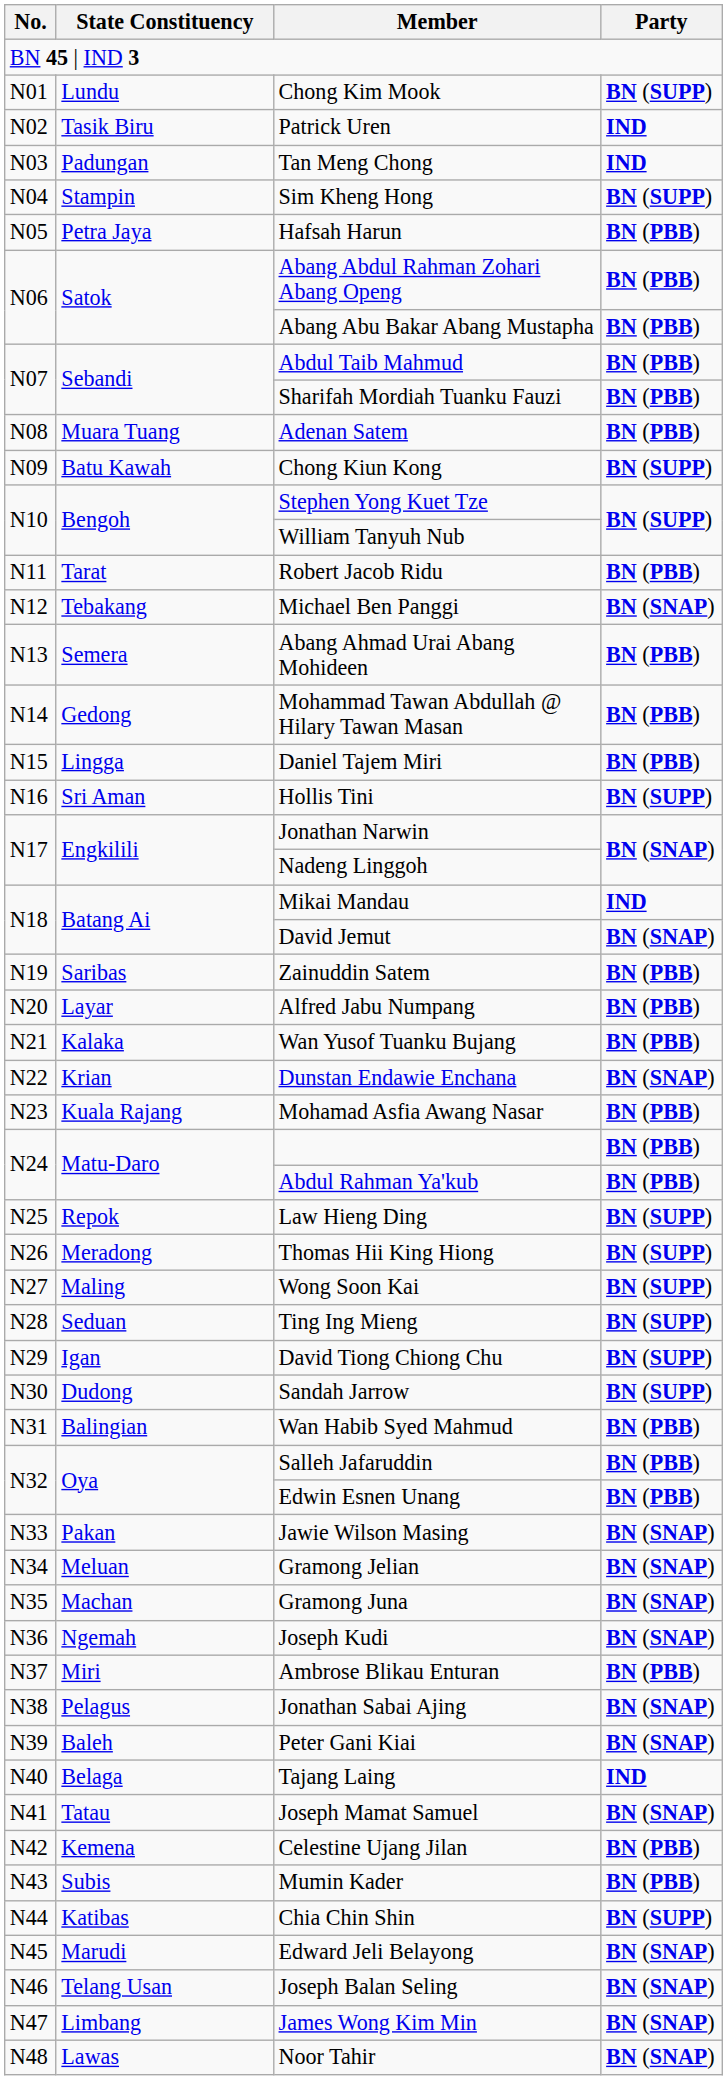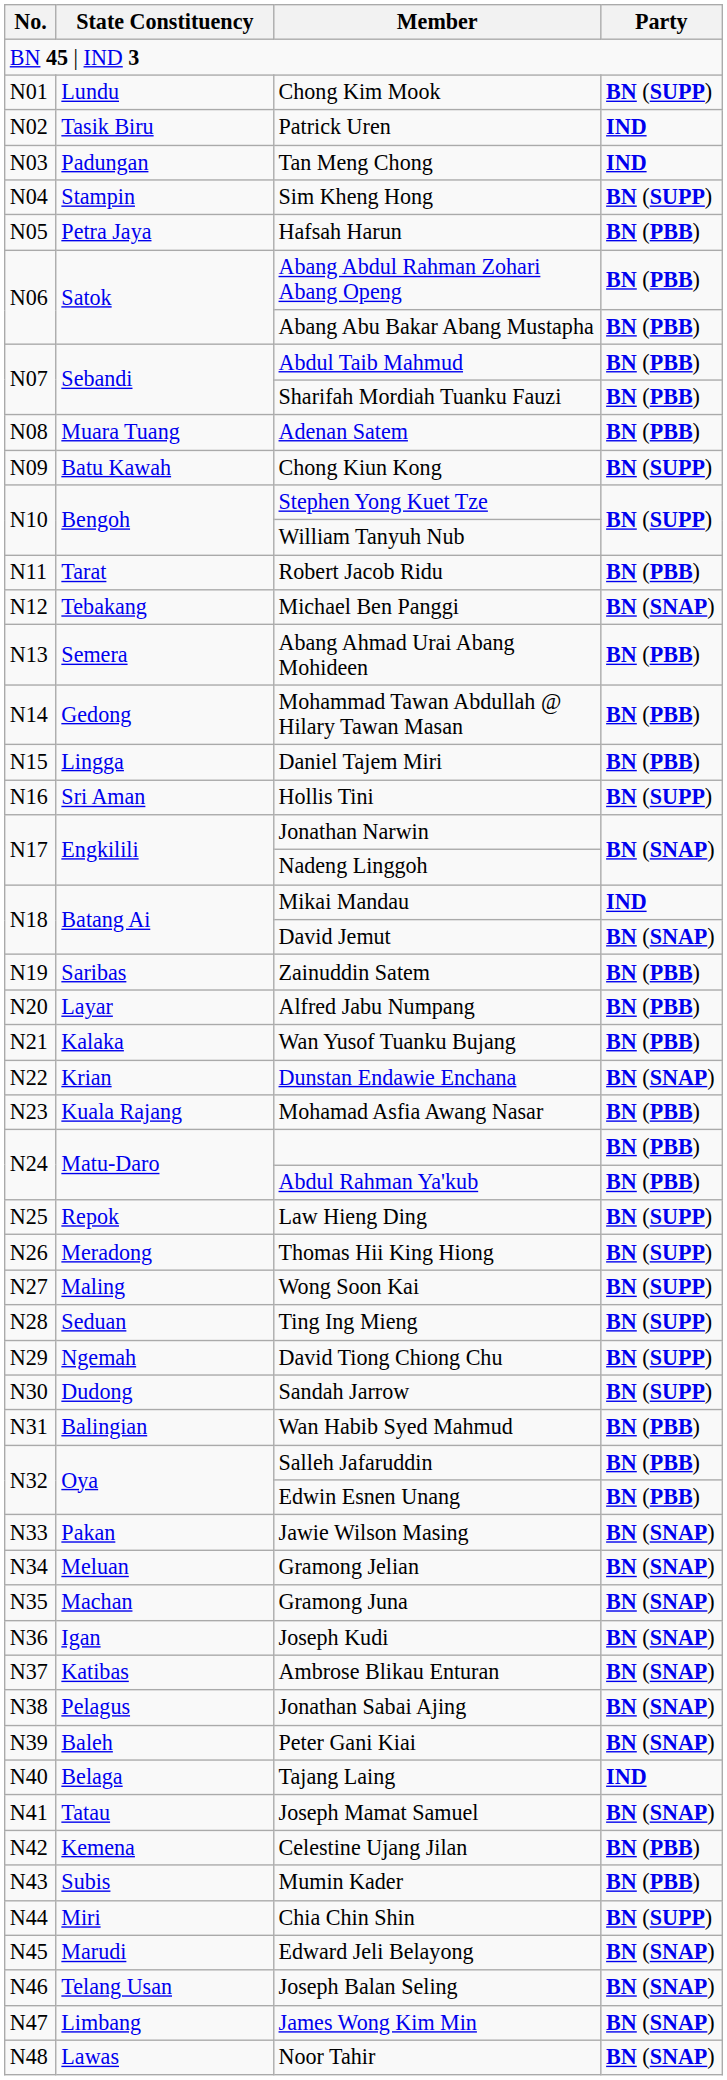 <table class="wikitable sortable">
 <tr>
 <th style="width:30px;">No.</th>
 <th style="width:150px;">State Constituency</th>
 <th style="width:230px;">Member</th>
 <th style="width:80px;">Party</th>
 </tr>
 <tr>
 <td colspan="4"><a href='#'>BN</a> <strong>45</strong> | <a href='#'>IND</a> <strong>3</strong></td>
 </tr>
 <tr>
 <td>N01</td>
 <td><a href='#'>Lundu</a></td>
 <td>Chong Kim Mook</td>
 <td><strong><a href='#'>BN</a></strong> (<strong><a href='#'>SUPP</a></strong>)</td>
 </tr>
 <tr>
 <td>N02</td>
 <td><a href='#'>Tasik Biru</a></td>
 <td>Patrick Uren</td>
 <td><strong><a href='#'>IND</a></strong></td>
 </tr>
 <tr>
 <td>N03</td>
 <td><a href='#'>Padungan</a></td>
 <td>Tan Meng Chong</td>
 <td><strong><a href='#'>IND</a></strong></td>
 </tr>
 <tr>
 <td>N04</td>
 <td><a href='#'>Stampin</a></td>
 <td>Sim Kheng Hong</td>
 <td><strong><a href='#'>BN</a></strong> (<strong><a href='#'>SUPP</a></strong>)</td>
 </tr>
 <tr>
 <td>N05</td>
 <td><a href='#'>Petra Jaya</a></td>
 <td>Hafsah Harun</td>
 <td><strong><a href='#'>BN</a></strong> (<strong><a href='#'>PBB</a></strong>)</td>
 </tr>
 <tr>
 <td rowspan=2>N06</td>
 <td rowspan=2><a href='#'>Satok</a></td>
 <td><a href='#'>Abang Abdul Rahman Zohari Abang Openg</a> </td>
 <td><strong><a href='#'>BN</a></strong> (<strong><a href='#'>PBB</a></strong>)</td>
 </tr>
 <tr>
 <td>Abang Abu Bakar Abang Mustapha </td>
 <td><strong><a href='#'>BN</a></strong>  (<strong><a href='#'>PBB</a></strong>)</td>
 </tr>
 <tr>
 <td rowspan=2>N07</td>
 <td rowspan=2><a href='#'>Sebandi</a></td>
 <td><a href='#'>Abdul Taib Mahmud</a> </td>
 <td><strong><a href='#'>BN</a></strong> (<strong><a href='#'>PBB</a></strong>)</td>
 </tr>
 <tr>
 <td>Sharifah Mordiah Tuanku Fauzi </td>
 <td><strong><a href='#'>BN</a></strong> (<strong><a href='#'>PBB</a></strong>)</td>
 </tr>
 <tr>
 <td>N08</td>
 <td><a href='#'>Muara Tuang</a></td>
 <td><a href='#'>Adenan Satem</a></td>
 <td><strong><a href='#'>BN</a></strong> (<strong><a href='#'>PBB</a></strong>)</td>
 </tr>
 <tr>
 <td>N09</td>
 <td><a href='#'>Batu Kawah</a></td>
 <td>Chong Kiun Kong</td>
 <td><strong><a href='#'>BN</a></strong> (<strong><a href='#'>SUPP</a></strong>)</td>
 </tr>
 <tr>
 <td rowspan=2>N10</td>
 <td rowspan=2><a href='#'>Bengoh</a></td>
 <td><a href='#'>Stephen Yong Kuet Tze</a> </td>
 <td rowspan=2><strong><a href='#'>BN</a></strong> (<strong><a href='#'>SUPP</a></strong>)</td>
 </tr>
 <tr>
 <td>William Tanyuh Nub </td>
 </tr>
 <tr>
 <td>N11</td>
 <td><a href='#'>Tarat</a></td>
 <td>Robert Jacob Ridu</td>
 <td><strong><a href='#'>BN</a></strong> (<strong><a href='#'>PBB</a></strong>)</td>
 </tr>
 <tr>
 <td>N12</td>
 <td><a href='#'>Tebakang</a></td>
 <td>Michael Ben Panggi</td>
 <td><strong><a href='#'>BN</a></strong> (<strong><a href='#'>SNAP</a></strong>)</td>
 </tr>
 <tr>
 <td>N13</td>
 <td><a href='#'>Semera</a></td>
 <td>Abang Ahmad Urai Abang Mohideen</td>
 <td><strong><a href='#'>BN</a></strong>  (<strong><a href='#'>PBB</a></strong>)</td>
 </tr>
 <tr>
 <td>N14</td>
 <td><a href='#'>Gedong</a></td>
 <td>Mohammad Tawan Abdullah @ Hilary Tawan Masan</td>
 <td><strong><a href='#'>BN</a></strong> (<strong><a href='#'>PBB</a></strong>)</td>
 </tr>
 <tr>
 <td>N15</td>
 <td><a href='#'>Lingga</a></td>
 <td>Daniel Tajem Miri</td>
 <td><strong><a href='#'>BN</a></strong> (<strong><a href='#'>PBB</a></strong>)</td>
 </tr>
 <tr>
 <td>N16</td>
 <td><a href='#'>Sri Aman</a></td>
 <td>Hollis Tini</td>
 <td><strong><a href='#'>BN</a></strong> (<strong><a href='#'>SUPP</a></strong>)</td>
 </tr>
 <tr>
 <td rowspan=2>N17</td>
 <td rowspan=2><a href='#'>Engkilili</a></td>
 <td>Jonathan Narwin </td>
 <td rowspan=2><strong><a href='#'>BN</a></strong> (<strong><a href='#'>SNAP</a></strong>)</td>
 </tr>
 <tr>
 <td>Nadeng Linggoh </td>
 </tr>
 <tr>
 <td rowspan=2>N18</td>
 <td rowspan=2><a href='#'>Batang Ai</a></td>
 <td>Mikai Mandau </td>
 <td><strong><a href='#'>IND</a></strong></td>
 </tr>
 <tr>
 <td>David Jemut </td>
 <td><strong><a href='#'>BN</a></strong> (<strong><a href='#'>SNAP</a></strong>)</td>
 </tr>
 <tr>
 <td>N19</td>
 <td><a href='#'>Saribas</a></td>
 <td>Zainuddin Satem</td>
 <td><strong><a href='#'>BN</a></strong>  (<strong><a href='#'>PBB</a></strong>)</td>
 </tr>
 <tr>
 <td>N20</td>
 <td><a href='#'>Layar</a></td>
 <td>Alfred Jabu Numpang</td>
 <td><strong><a href='#'>BN</a></strong> (<strong><a href='#'>PBB</a></strong>)</td>
 </tr>
 <tr>
 <td>N21</td>
 <td><a href='#'>Kalaka</a></td>
 <td>Wan Yusof Tuanku Bujang</td>
 <td><strong><a href='#'>BN</a></strong>  (<strong><a href='#'>PBB</a></strong>)</td>
 </tr>
 <tr>
 <td>N22</td>
 <td><a href='#'>Krian</a></td>
 <td><a href='#'>Dunstan Endawie Enchana</a></td>
 <td><strong><a href='#'>BN</a></strong> (<strong><a href='#'>SNAP</a></strong>)</td>
 </tr>
 <tr>
 <td>N23</td>
 <td><a href='#'>Kuala Rajang</a></td>
 <td>Mohamad Asfia Awang Nasar</td>
 <td><strong><a href='#'>BN</a></strong> (<strong><a href='#'>PBB</a></strong>)</td>
 </tr>
 <tr>
 <td rowspan=2>N24</td>
 <td rowspan=2><a href='#'>Matu-Daro</a></td>
 <td></td>
 <td><strong><a href='#'>BN</a></strong> (<strong><a href='#'>PBB</a></strong>)</td>
 </tr>
 <tr>
 <td><a href='#'>Abdul Rahman Ya'kub</a> </td>
 <td><strong><a href='#'>BN</a></strong>  (<strong><a href='#'>PBB</a></strong>)</td>
 </tr>
 <tr>
 <td>N25</td>
 <td><a href='#'>Repok</a></td>
 <td>Law Hieng Ding</td>
 <td><strong><a href='#'>BN</a></strong> (<strong><a href='#'>SUPP</a></strong>)</td>
 </tr>
 <tr>
 <td>N26</td>
 <td><a href='#'>Meradong</a></td>
 <td>Thomas Hii King Hiong</td>
 <td><strong><a href='#'>BN</a></strong> (<strong><a href='#'>SUPP</a></strong>)</td>
 </tr>
 <tr>
 <td>N27</td>
 <td><a href='#'>Maling</a></td>
 <td>Wong Soon Kai</td>
 <td><strong><a href='#'>BN</a></strong> (<strong><a href='#'>SUPP</a></strong>)</td>
 </tr>
 <tr>
 <td>N28</td>
 <td><a href='#'>Seduan</a></td>
 <td>Ting Ing Mieng</td>
 <td><strong><a href='#'>BN</a></strong> (<strong><a href='#'>SUPP</a></strong>)</td>
 </tr>
 <tr>
 <td>N29</td>
-<td><a href='#'>Igan</a></td>
+<td><a href='#'>Ngemah</a></td>
 <td>David Tiong Chiong Chu</td>
 <td><strong><a href='#'>BN</a></strong> (<strong><a href='#'>SUPP</a></strong>)</td>
 </tr>
 <tr>
 <td>N30</td>
 <td><a href='#'>Dudong</a></td>
 <td>Sandah Jarrow</td>
 <td><strong><a href='#'>BN</a></strong> (<strong><a href='#'>SUPP</a></strong>)</td>
 </tr>
 <tr>
 <td>N31</td>
 <td><a href='#'>Balingian</a></td>
 <td>Wan Habib Syed Mahmud</td>
 <td><strong><a href='#'>BN</a></strong> (<strong><a href='#'>PBB</a></strong>)</td>
 </tr>
 <tr>
 <td rowspan=2>N32</td>
 <td rowspan=2><a href='#'>Oya</a></td>
 <td>Salleh Jafaruddin </td>
 <td><strong><a href='#'>BN</a></strong> (<strong><a href='#'>PBB</a></strong>)</td>
 </tr>
 <tr>
 <td>Edwin Esnen Unang </td>
 <td><strong><a href='#'>BN</a></strong> (<strong><a href='#'>PBB</a></strong>)</td>
 </tr>
 <tr>
 <td>N33</td>
 <td><a href='#'>Pakan</a></td>
 <td>Jawie Wilson Masing</td>
 <td><strong><a href='#'>BN</a></strong> (<strong><a href='#'>SNAP</a></strong>)</td>
 </tr>
 <tr>
 <td>N34</td>
 <td><a href='#'>Meluan</a></td>
 <td>Gramong Jelian</td>
 <td><strong><a href='#'>BN</a></strong> (<strong><a href='#'>SNAP</a></strong>)</td>
 </tr>
 <tr>
 <td>N35</td>
 <td><a href='#'>Machan</a></td>
 <td>Gramong Juna</td>
 <td><strong><a href='#'>BN</a></strong> (<strong><a href='#'>SNAP</a></strong>)</td>
 </tr>
 <tr>
 <td>N36</td>
-<td><a href='#'>Ngemah</a></td>
+<td><a href='#'>Igan</a></td>
 <td>Joseph Kudi</td>
 <td><strong><a href='#'>BN</a></strong> (<strong><a href='#'>SNAP</a></strong>)</td>
 </tr>
 <tr>
 <td>N37</td>
-<td><a href='#'>Miri</a></td>
+<td><a href='#'>Katibas</a></td>
 <td>Ambrose Blikau Enturan</td>
-<td><strong><a href='#'>BN</a></strong> (<strong><a href='#'>PBB</a></strong>)</td>
+<td><strong><a href='#'>BN</a></strong> (<strong><a href='#'>SNAP</a></strong>)</td>
 </tr>
 <tr>
 <td>N38</td>
 <td><a href='#'>Pelagus</a></td>
 <td>Jonathan Sabai Ajing</td>
 <td><strong><a href='#'>BN</a></strong> (<strong><a href='#'>SNAP</a></strong>)</td>
 </tr>
 <tr>
 <td>N39</td>
 <td><a href='#'>Baleh</a></td>
 <td>Peter Gani Kiai</td>
 <td><strong><a href='#'>BN</a></strong> (<strong><a href='#'>SNAP</a></strong>)</td>
 </tr>
 <tr>
 <td>N40</td>
 <td><a href='#'>Belaga</a></td>
 <td>Tajang Laing</td>
 <td><strong><a href='#'>IND</a></strong></td>
 </tr>
 <tr>
 <td>N41</td>
 <td><a href='#'>Tatau</a></td>
 <td>Joseph Mamat Samuel</td>
 <td><strong><a href='#'>BN</a></strong> (<strong><a href='#'>SNAP</a></strong>)</td>
 </tr>
 <tr>
 <td>N42</td>
 <td><a href='#'>Kemena</a></td>
 <td>Celestine Ujang Jilan</td>
 <td><strong><a href='#'>BN</a></strong> (<strong><a href='#'>PBB</a></strong>)</td>
 </tr>
 <tr>
 <td>N43</td>
 <td><a href='#'>Subis</a></td>
 <td>Mumin Kader</td>
 <td><strong><a href='#'>BN</a></strong> (<strong><a href='#'>PBB</a></strong>)</td>
 </tr>
 <tr>
 <td>N44</td>
-<td><a href='#'>Katibas</a></td>
+<td><a href='#'>Miri</a></td>
 <td>Chia Chin Shin</td>
 <td><strong><a href='#'>BN</a></strong> (<strong><a href='#'>SUPP</a></strong>)</td>
 </tr>
 <tr>
 <td>N45</td>
 <td><a href='#'>Marudi</a></td>
 <td>Edward Jeli Belayong</td>
 <td><strong><a href='#'>BN</a></strong> (<strong><a href='#'>SNAP</a></strong>)</td>
 </tr>
 <tr>
 <td>N46</td>
 <td><a href='#'>Telang Usan</a></td>
 <td>Joseph Balan Seling</td>
 <td><strong><a href='#'>BN</a></strong> (<strong><a href='#'>SNAP</a></strong>)</td>
 </tr>
 <tr>
 <td>N47</td>
 <td><a href='#'>Limbang</a></td>
 <td><a href='#'>James Wong Kim Min</a></td>
 <td><strong><a href='#'>BN</a></strong> (<strong><a href='#'>SNAP</a></strong>)</td>
 </tr>
 <tr>
 <td>N48</td>
 <td><a href='#'>Lawas</a></td>
 <td>Noor Tahir</td>
 <td><strong><a href='#'>BN</a></strong> (<strong><a href='#'>SNAP</a></strong>)</td>
 </tr>
 </table>
